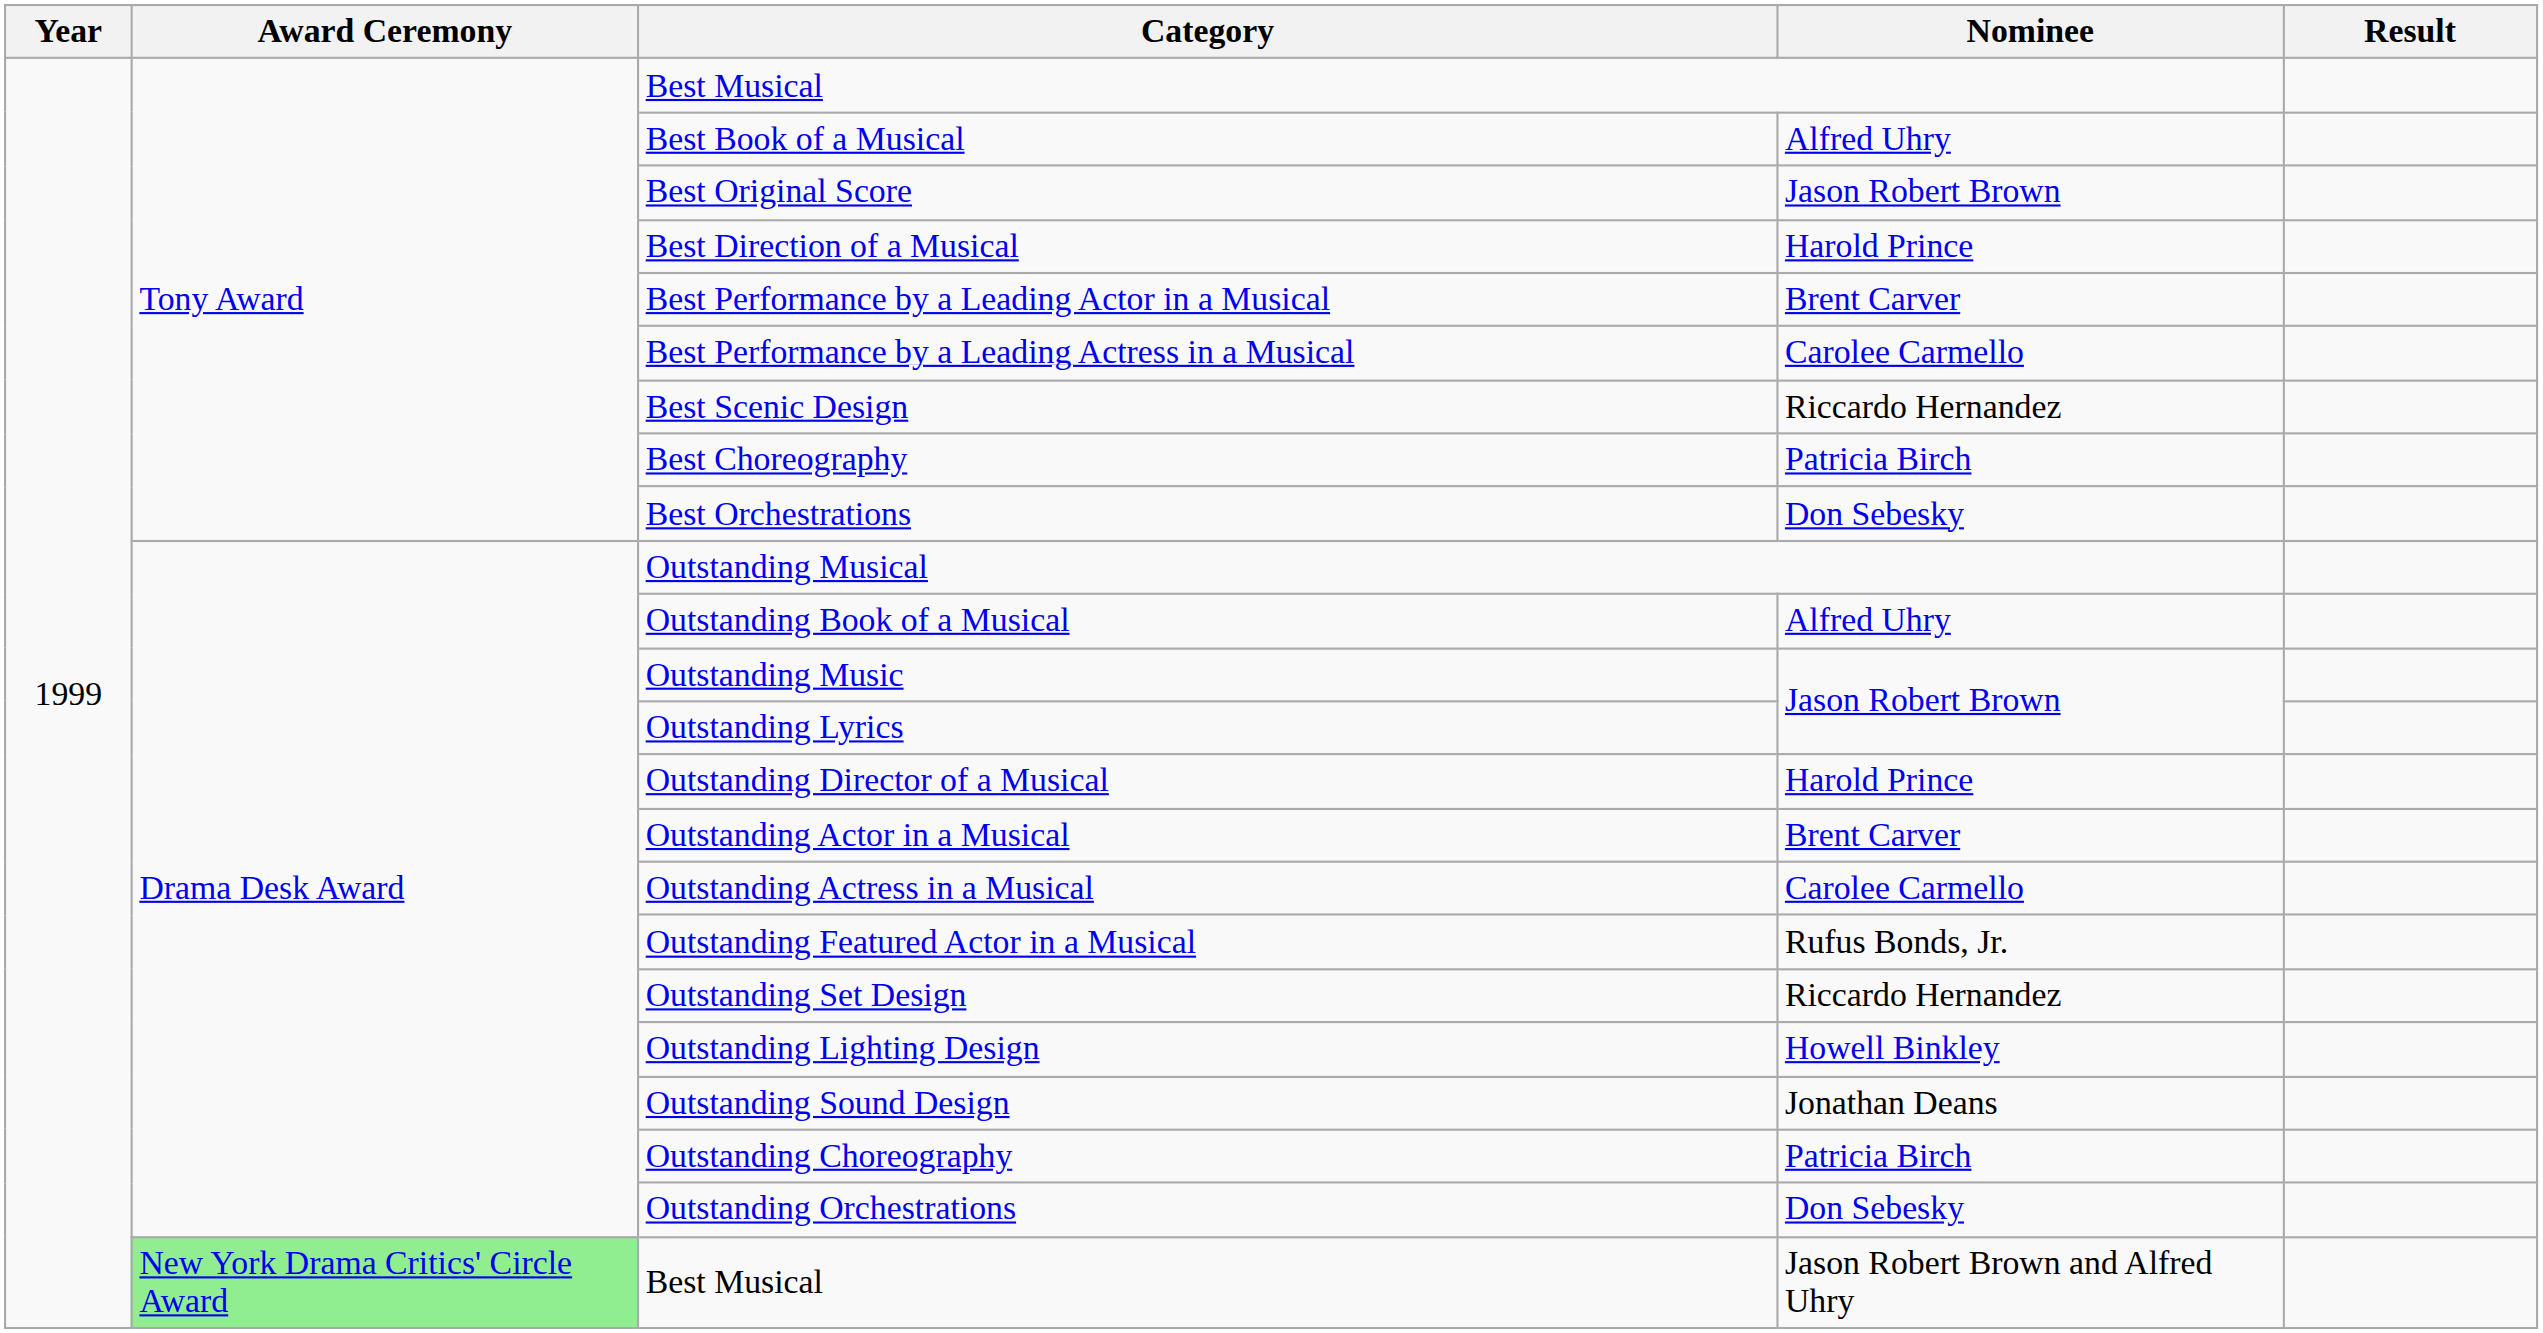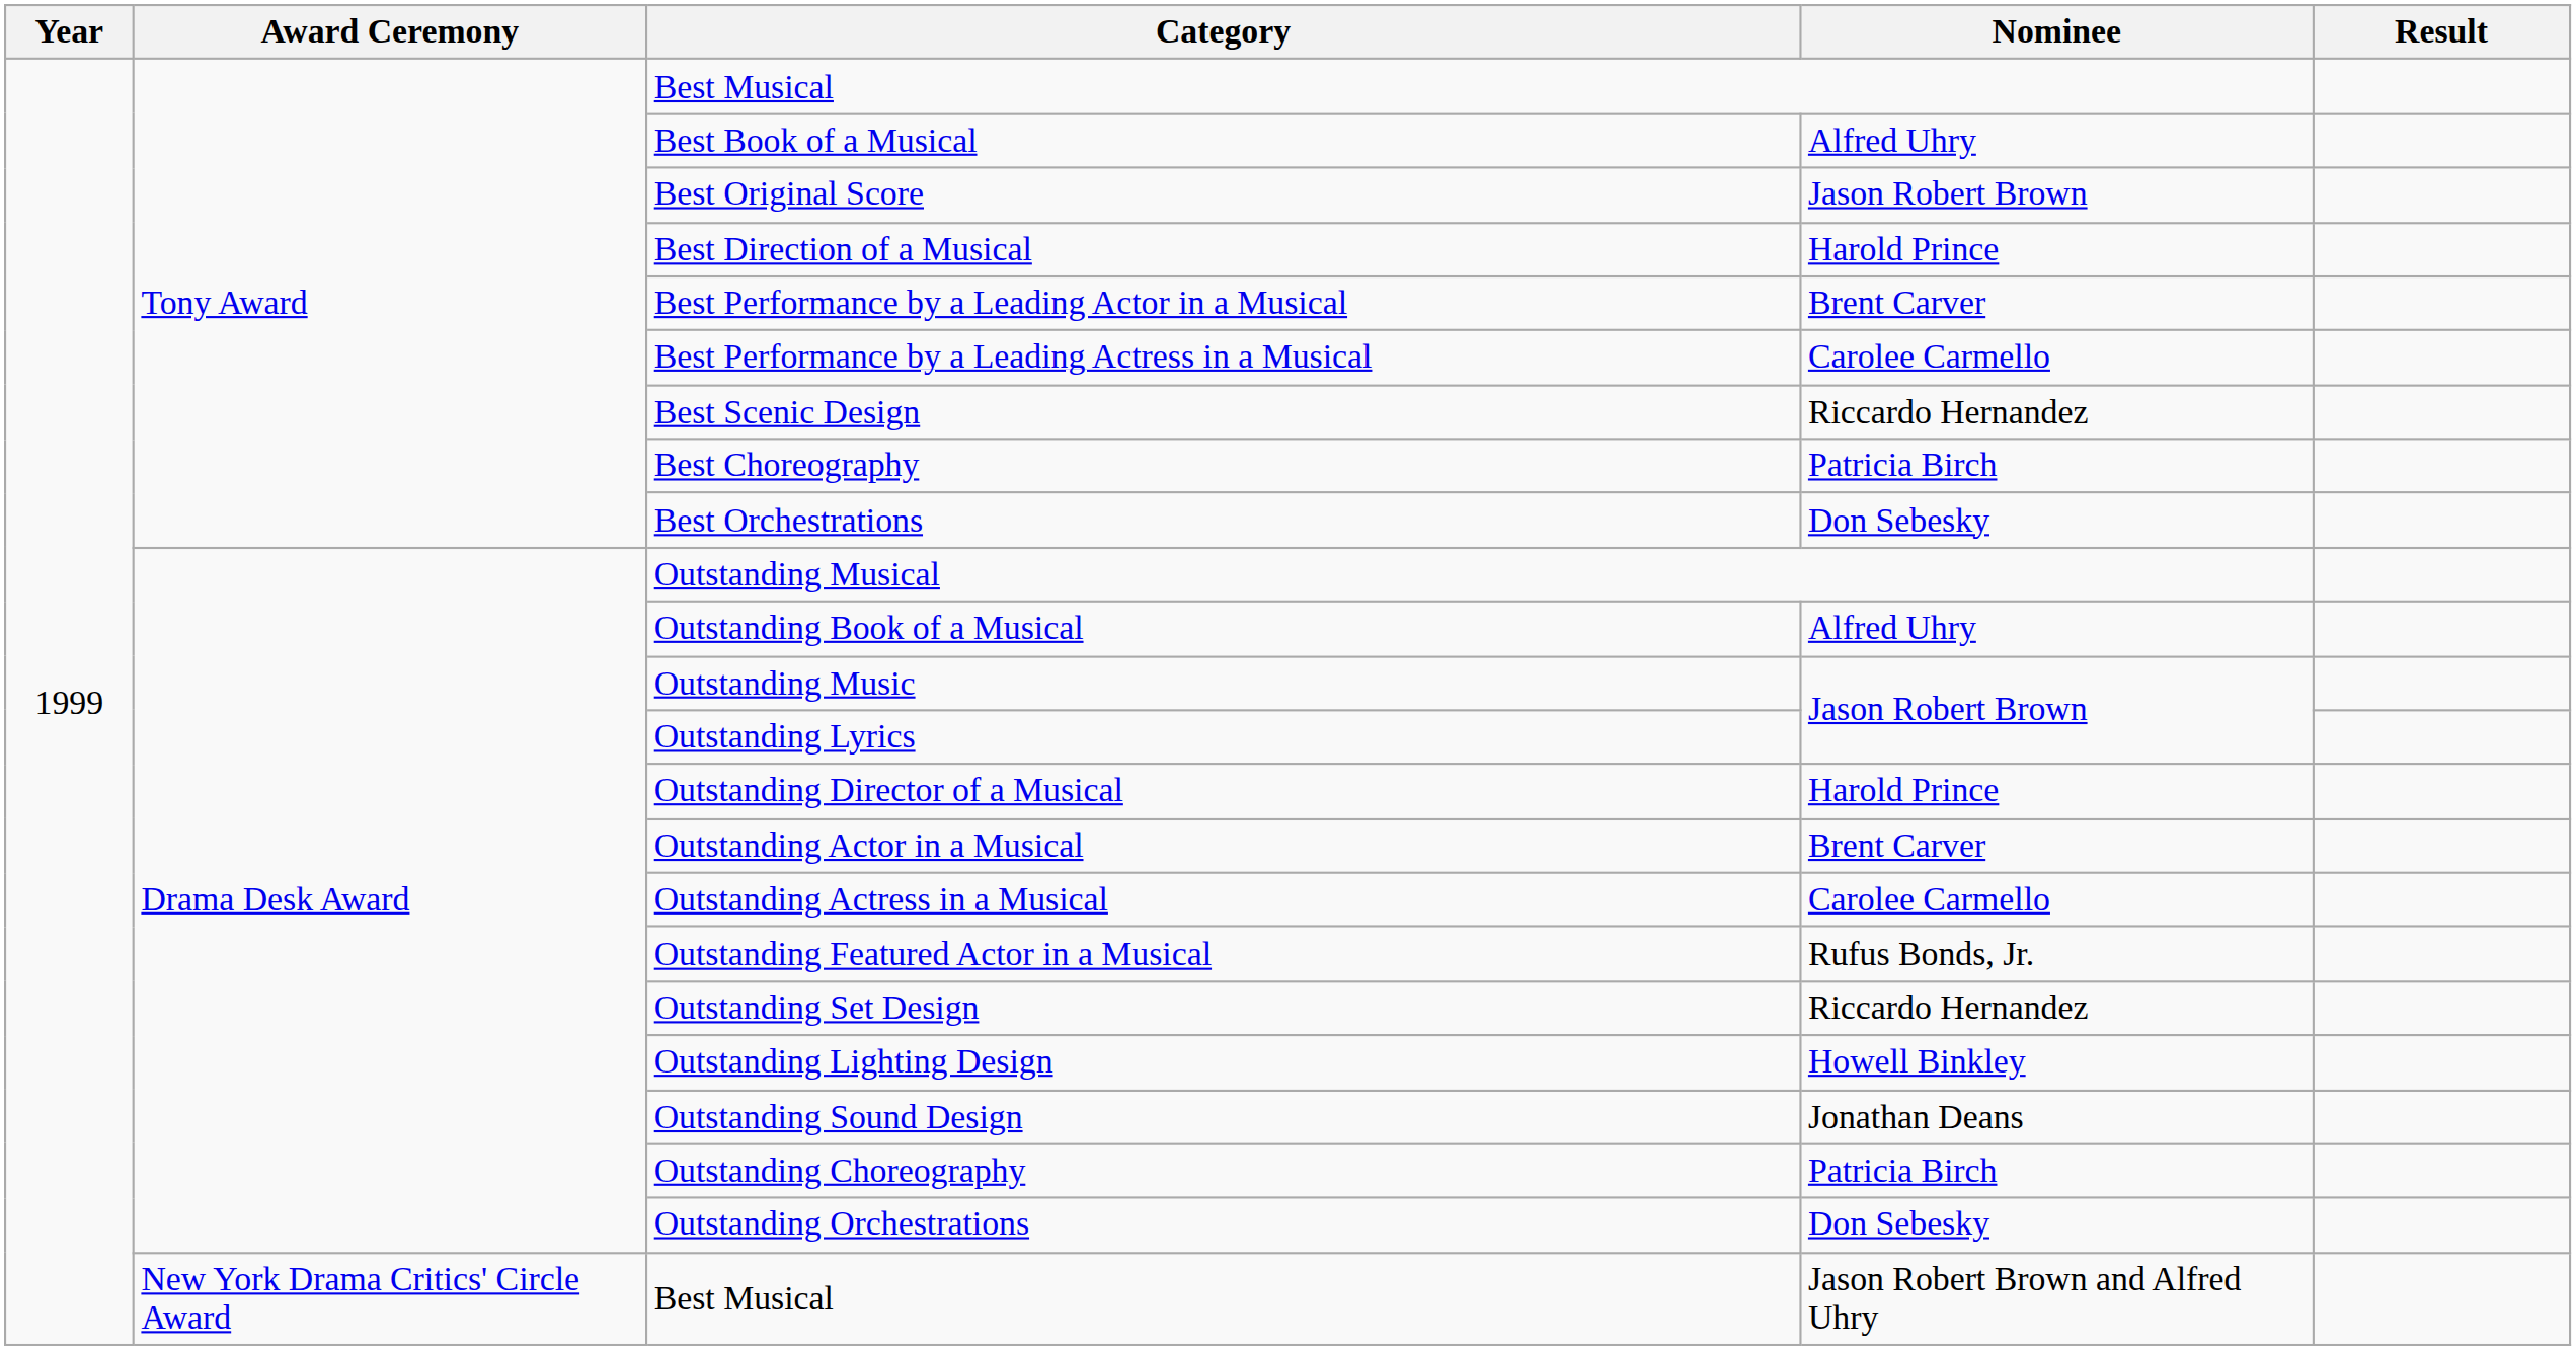 <table class="wikitable" width="95%">
 <tr>
 <th width="5%">Year</th>
 <th width="20%">Award Ceremony</th>
 <th width="45%">Category</th>
 <th width="20%">Nominee</th>
 <th width="10%">Result</th>
 </tr>
 <tr>
 <td rowspan="23" align="center">1999</td>
 <td rowspan="9"><a href='#'>Tony Award</a></td>
 <td colspan="2"><a href='#'>Best Musical</a></td>
 <td></td>
 </tr>
 <tr>
 <td><a href='#'>Best Book of a Musical</a></td>
 <td><a href='#'>Alfred Uhry</a></td>
 <td></td>
 </tr>
 <tr>
 <td><a href='#'>Best Original Score</a></td>
 <td><a href='#'>Jason Robert Brown</a></td>
 <td></td>
 </tr>
 <tr>
 <td><a href='#'>Best Direction of a Musical</a></td>
 <td><a href='#'>Harold Prince</a></td>
 <td></td>
 </tr>
 <tr>
 <td><a href='#'>Best Performance by a Leading Actor in a Musical</a></td>
 <td><a href='#'>Brent Carver</a></td>
 <td></td>
 </tr>
 <tr>
 <td><a href='#'>Best Performance by a Leading Actress in a Musical</a></td>
 <td><a href='#'>Carolee Carmello</a></td>
 <td></td>
 </tr>
 <tr>
 <td><a href='#'>Best Scenic Design</a></td>
 <td>Riccardo Hernandez</td>
 <td></td>
 </tr>
 <tr>
 <td><a href='#'>Best Choreography</a></td>
 <td><a href='#'>Patricia Birch</a></td>
 <td></td>
 </tr>
 <tr>
 <td><a href='#'>Best Orchestrations</a></td>
 <td><a href='#'>Don Sebesky</a></td>
 <td></td>
 </tr>
 <tr>
 <td rowspan="13"><a href='#'>Drama Desk Award</a></td>
 <td colspan="2"><a href='#'>Outstanding Musical</a></td>
 <td></td>
 </tr>
 <tr>
 <td><a href='#'>Outstanding Book of a Musical</a></td>
 <td><a href='#'>Alfred Uhry</a></td>
 <td></td>
 </tr>
 <tr>
 <td><a href='#'>Outstanding Music</a></td>
 <td rowspan="2"><a href='#'>Jason Robert Brown</a></td>
 <td></td>
 </tr>
 <tr>
 <td><a href='#'>Outstanding Lyrics</a></td>
 <td></td>
 </tr>
 <tr>
 <td><a href='#'>Outstanding Director of a Musical</a></td>
 <td><a href='#'>Harold Prince</a></td>
 <td></td>
 </tr>
 <tr>
 <td><a href='#'>Outstanding Actor in a Musical</a></td>
 <td><a href='#'>Brent Carver</a></td>
 <td></td>
 </tr>
 <tr>
 <td><a href='#'>Outstanding Actress in a Musical</a></td>
 <td><a href='#'>Carolee Carmello</a></td>
 <td></td>
 </tr>
 <tr>
 <td><a href='#'>Outstanding Featured Actor in a Musical</a></td>
 <td>Rufus Bonds, Jr.</td>
 <td></td>
 </tr>
 <tr>
 <td><a href='#'>Outstanding Set Design</a></td>
 <td>Riccardo Hernandez</td>
 <td></td>
 </tr>
 <tr>
 <td><a href='#'>Outstanding Lighting Design</a></td>
 <td><a href='#'>Howell Binkley</a></td>
 <td></td>
 </tr>
 <tr>
 <td><a href='#'>Outstanding Sound Design</a></td>
 <td>Jonathan Deans</td>
 <td></td>
 </tr>
 <tr>
 <td><a href='#'>Outstanding Choreography</a></td>
 <td><a href='#'>Patricia Birch</a></td>
 <td></td>
 </tr>
 <tr>
 <td><a href='#'>Outstanding Orchestrations</a></td>
 <td><a href='#'>Don Sebesky</a></td>
 <td></td>
 </tr>
 <tr>
-<td style="background: lightgreen;"><a href='#'>New York Drama Critics' Circle Award</a></td>
+<td><a href='#'>New York Drama Critics' Circle Award</a></td>
 <td>Best Musical</td>
 <td>Jason Robert Brown and Alfred Uhry</td>
 <td></td>
 </tr>
 </table>
